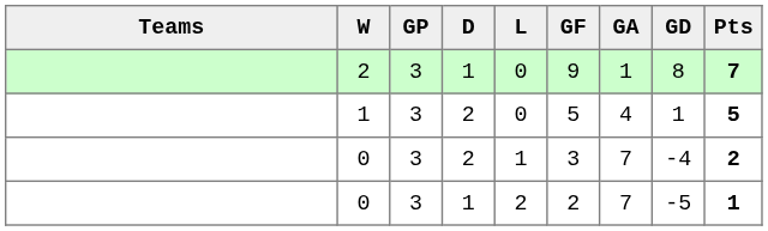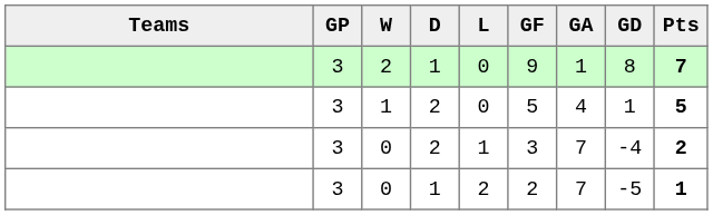 <table style=border-collapse:collapse border=1 cellspacing=0 cellpadding=5>
 <tr align=center bgcolor=#efefef>
 <th width=185>Teams</th>
+<th width=20>GP</th>
 <th width=20>W</th>
-<th width=20>GP</th>
 <th width=20>D</th>
 <th width=20>L</th>
 <th width=20>GF</th>
 <th width=20>GA</th>
 <th width=20>GD</th>
 <th width=20>Pts<br></th>
 </tr>
 <tr align=center style="background:#ccffcc;">
 <td style="text-align:left;"></td>
+<td>3</td>
 <td>2</td>
-<td>3</td>
 <td>1</td>
 <td>0</td>
 <td>9</td>
 <td>1</td>
 <td>8</td>
 <td><strong>7</strong></td>
 </tr>
 <tr align=center>
 <td style="text-align:left;"></td>
+<td>3</td>
 <td>1</td>
-<td>3</td>
 <td>2</td>
 <td>0</td>
 <td>5</td>
 <td>4</td>
 <td>1</td>
 <td><strong>5</strong></td>
 </tr>
 <tr align=center>
 <td style="text-align:left;"></td>
+<td>3</td>
 <td>0</td>
-<td>3</td>
 <td>2</td>
 <td>1</td>
 <td>3</td>
 <td>7</td>
 <td>-4</td>
 <td><strong>2</strong></td>
 </tr>
 <tr align=center>
 <td style="text-align:left;"></td>
+<td>3</td>
 <td>0</td>
-<td>3</td>
 <td>1</td>
 <td>2</td>
 <td>2</td>
 <td>7</td>
 <td>-5</td>
 <td><strong>1</strong></td>
 </tr>
 </table>
